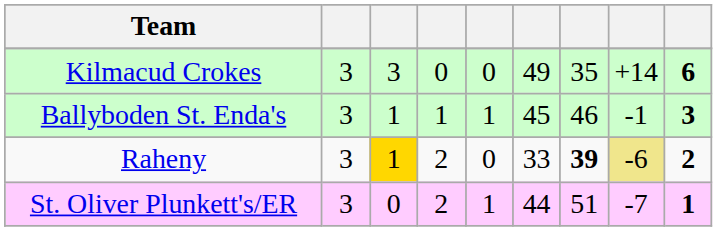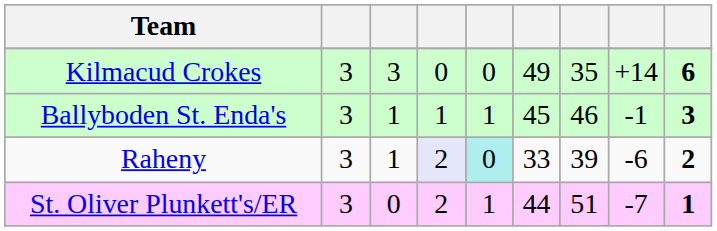 <table class="wikitable" style="text-align:center">
 <tr>
 <th style="width:175px;">Team</th>
 <th width="20"></th>
 <th width="20"></th>
 <th width="20"></th>
 <th width="20"></th>
 <th width="20"></th>
 <th width="20"></th>
 <th width="20"></th>
 <th width="20"></th>
 </tr>
 <tr style="background:#cfc;">
 </tr>
 <tr style="background:#cfc">
 <td><a href='#'>Kilmacud Crokes</a></td>
 <td>3</td>
 <td>3</td>
 <td>0</td>
 <td>0</td>
 <td>49</td>
 <td>35</td>
 <td>+14</td>
 <td><strong>6</strong></td>
 </tr>
 <tr style="background:#cfc;">
 <td><a href='#'>Ballyboden St. Enda's</a></td>
 <td>3</td>
 <td>1</td>
 <td>1</td>
 <td>1</td>
 <td>45</td>
 <td>46</td>
 <td>-1</td>
 <td><strong>3</strong></td>
 </tr>
 <tr>
 <td><a href='#'>Raheny</a></td>
 <td>3</td>
-<td style="background: gold;">1</td>
-<td>2</td>
-<td>0</td>
+<td>1</td>
+<td style="background: lavender;">2</td>
+<td style="background: paleturquoise;">0</td>
 <td>33</td>
-<td><strong>39</strong></td>
-<td style="background: khaki;">-6</td>
+<td>39</td>
+<td>-6</td>
 <td><strong>2</strong></td>
 </tr>
 <tr style="background:#fcf;">
 <td><a href='#'>St. Oliver Plunkett's/ER</a></td>
 <td>3</td>
 <td>0</td>
 <td>2</td>
 <td>1</td>
 <td>44</td>
 <td>51</td>
 <td>-7</td>
 <td><strong>1</strong></td>
 </tr>
 </table>
